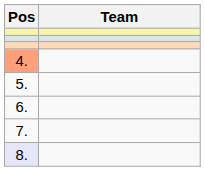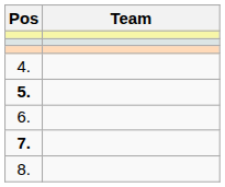 <table class="wikitable" style="border:1px solid #aaa; font-size:90%;">
 <tr style="background:#e4e4e4;">
 <th style="border-bottom:1px solid #aaa; width:20px;">Pos</th>
 <th style="border-bottom:1px solid #aaa; width:150px;">Team</th>
 </tr>
 <tr style="background:#f7f6a8;">
 <td style="text-align:center;"></td>
 <td></td>
 </tr>
 <tr style="background:#dce5e5;">
 <td style="text-align:center;"></td>
 <td></td>
 </tr>
 <tr style="background:#ffdab9;">
 <td style="text-align:center;"></td>
 <td></td>
 </tr>
 <tr style>
-<td style="background: lightsalmon; text-align:center;">4.</td>
+<td style="text-align:center;">4.</td>
 <td></td>
 </tr>
 <tr style>
-<td style="text-align:center;">5.</td>
+<td style="text-align:center;"><strong>5.</strong></td>
 <td></td>
 </tr>
 <tr style>
 <td style="text-align:center;">6.</td>
 <td></td>
 </tr>
 <tr style>
-<td style="text-align:center;">7.</td>
+<td style="text-align:center;"><strong>7.</strong></td>
 <td></td>
 </tr>
 <tr style>
-<td style="background: lavender; text-align:center;">8.</td>
+<td style="text-align:center;">8.</td>
 <td></td>
 </tr>
 </table>
